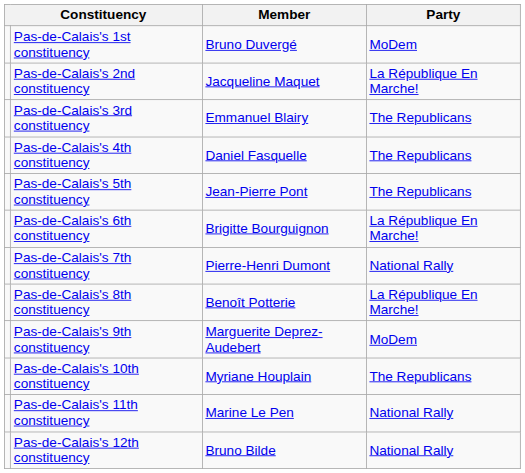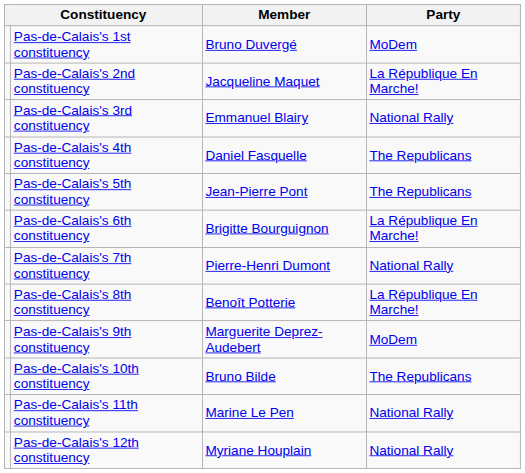 <table class="wikitable">
 <tr>
 <th colspan="2">Constituency</th>
 <th>Member</th>
 <th>Party</th>
 </tr>
 <tr>
 <td style="background-color: "></td>
 <td><a href='#'>Pas-de-Calais's 1st constituency</a></td>
 <td><a href='#'>Bruno Duvergé</a></td>
 <td><a href='#'>MoDem</a></td>
 </tr>
 <tr>
 <td style="background-color: "></td>
 <td><a href='#'>Pas-de-Calais's 2nd constituency</a></td>
 <td><a href='#'>Jacqueline Maquet</a></td>
 <td><a href='#'>La République En Marche!</a></td>
 </tr>
 <tr>
 <td style="background-color: "></td>
 <td><a href='#'>Pas-de-Calais's 3rd constituency</a></td>
 <td><a href='#'>Emmanuel Blairy</a></td>
-<td><a href='#'>The Republicans</a></td>
+<td><a href='#'>National Rally</a></td>
 </tr>
 <tr>
 <td style="background-color: "></td>
 <td><a href='#'>Pas-de-Calais's 4th constituency</a></td>
 <td><a href='#'>Daniel Fasquelle</a></td>
 <td><a href='#'>The Republicans</a></td>
 </tr>
 <tr>
 <td style="background-color: "></td>
 <td><a href='#'>Pas-de-Calais's 5th constituency</a></td>
 <td><a href='#'>Jean-Pierre Pont</a></td>
 <td><a href='#'>The Republicans</a></td>
 </tr>
 <tr>
 <td style="background-color: "></td>
 <td><a href='#'>Pas-de-Calais's 6th constituency</a></td>
 <td><a href='#'>Brigitte Bourguignon</a></td>
 <td><a href='#'>La République En Marche!</a></td>
 </tr>
 <tr>
 <td style="background-color: "></td>
 <td><a href='#'>Pas-de-Calais's 7th constituency</a></td>
 <td><a href='#'>Pierre-Henri Dumont</a></td>
 <td><a href='#'>National Rally</a></td>
 </tr>
 <tr>
 <td style="background-color: "></td>
 <td><a href='#'>Pas-de-Calais's 8th constituency</a></td>
 <td><a href='#'>Benoît Potterie</a></td>
 <td><a href='#'>La République En Marche!</a></td>
 </tr>
 <tr>
 <td style="background-color: "></td>
 <td><a href='#'>Pas-de-Calais's 9th constituency</a></td>
 <td><a href='#'>Marguerite Deprez-Audebert</a></td>
 <td><a href='#'>MoDem</a></td>
 </tr>
 <tr>
 <td style="background-color: "></td>
 <td><a href='#'>Pas-de-Calais's 10th constituency</a></td>
-<td><a href='#'>Myriane Houplain</a></td>
+<td><a href='#'>Bruno Bilde</a></td>
 <td><a href='#'>The Republicans</a></td>
 </tr>
 <tr>
 <td style="background-color: "></td>
 <td><a href='#'>Pas-de-Calais's 11th constituency</a></td>
 <td><a href='#'>Marine Le Pen</a></td>
 <td><a href='#'>National Rally</a></td>
 </tr>
 <tr>
 <td style="background-color: "></td>
 <td><a href='#'>Pas-de-Calais's 12th constituency</a></td>
-<td><a href='#'>Bruno Bilde</a></td>
+<td><a href='#'>Myriane Houplain</a></td>
 <td><a href='#'>National Rally</a></td>
 </tr>
 </table>
